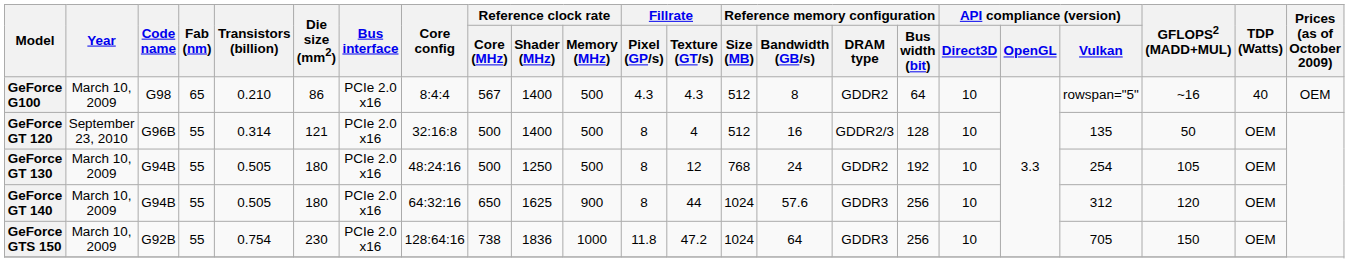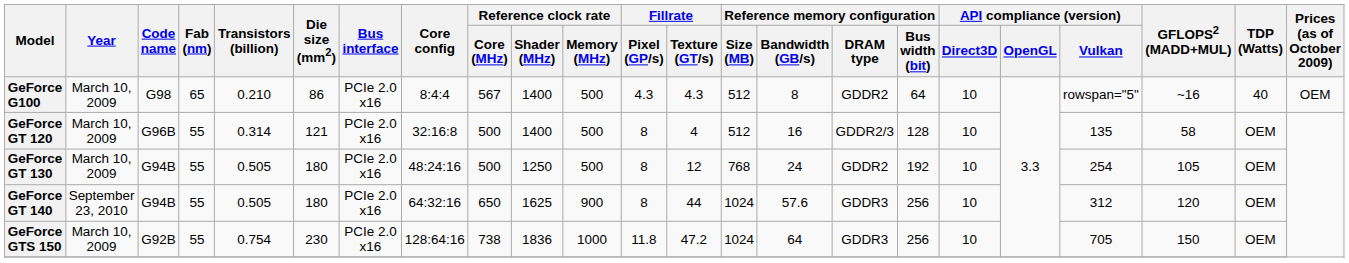 <table class="wikitable" style="font-size: 85%; text-align: center;">
 <tr>
 <th rowspan=2>Model</th>
 <th rowspan=2><a href='#'>Year</a></th>
 <th rowspan=2><a href='#'>Code name</a></th>
 <th rowspan=2>Fab (<a href='#'>nm</a>)</th>
 <th rowspan=2>Transistors (billion)</th>
 <th rowspan=2>Die size (mm<sup>2</sup>)</th>
 <th rowspan=2><a href='#'>Bus</a> <a href='#'>interface</a></th>
 <th rowspan=2>Core config</th>
 <th colspan=3>Reference clock rate</th>
 <th colspan=2><a href='#'>Fillrate</a></th>
 <th colspan=4>Reference memory configuration</th>
 <th colspan="3"><a href='#'>API</a> compliance (version)</th>
 <th rowspan=2>GFLOPS<sup>2</sup> (MADD+MUL)</th>
 <th rowspan=2>TDP (Watts)</th>
 <th rowspan=2>Prices (as of October 2009)</th>
 </tr>
 <tr>
 <th>Core (<a href='#'>MHz</a>)</th>
 <th>Shader (<a href='#'>MHz</a>)</th>
 <th>Memory  (<a href='#'>MHz</a>)</th>
 <th>Pixel (<a href='#'>GP</a>/s)</th>
 <th>Texture (<a href='#'>GT</a>/s)</th>
 <th>Size (<a href='#'>MB</a>)</th>
 <th>Bandwidth (<a href='#'>GB</a>/s)</th>
 <th>DRAM type</th>
 <th>Bus width (<a href='#'>bit</a>)</th>
 <th><a href='#'>Direct3D</a></th>
 <th><a href='#'>OpenGL</a></th>
 <th><a href='#'>Vulkan</a></th>
 </tr>
 <tr>
 <th style="text-align:left;">GeForce G100</th>
 <td>March 10, 2009</td>
 <td>G98</td>
 <td>65</td>
 <td>0.210</td>
 <td>86</td>
 <td>PCIe 2.0 x16</td>
 <td>8:4:4</td>
 <td>567</td>
 <td>1400</td>
 <td>500</td>
 <td>4.3</td>
 <td>4.3</td>
 <td>512</td>
 <td>8</td>
 <td>GDDR2</td>
 <td>64</td>
 <td>10</td>
 <td rowspan="5">3.3</td>
 <td>rowspan="5" </td>
 <td>~16</td>
 <td>40</td>
 <td>OEM</td>
 </tr>
 <tr>
 <th style="text-align:left;">GeForce GT 120</th>
-<td>September 23, 2010</td>
+<td>March 10, 2009</td>
 <td>G96B</td>
 <td>55</td>
 <td>0.314</td>
 <td>121</td>
 <td>PCIe 2.0 x16</td>
 <td>32:16:8</td>
 <td>500</td>
 <td>1400</td>
 <td>500</td>
 <td>8</td>
 <td>4</td>
 <td>512</td>
 <td>16</td>
 <td>GDDR2/3</td>
 <td>128</td>
 <td>10</td>
 <td>135</td>
-<td>50</td>
+<td>58</td>
 <td>OEM</td>
 </tr>
 <tr>
 <th style="text-align:left;">GeForce GT 130</th>
 <td>March 10, 2009</td>
 <td>G94B</td>
 <td>55</td>
 <td>0.505</td>
 <td>180</td>
 <td>PCIe 2.0 x16</td>
 <td>48:24:16</td>
 <td>500</td>
 <td>1250</td>
 <td>500</td>
 <td>8</td>
 <td>12</td>
 <td>768</td>
 <td>24</td>
 <td>GDDR2</td>
 <td>192</td>
 <td>10</td>
 <td>254</td>
 <td>105</td>
 <td>OEM</td>
 </tr>
 <tr>
 <th style="text-align:left;">GeForce GT 140</th>
-<td>March 10, 2009</td>
+<td>September 23, 2010</td>
 <td>G94B</td>
 <td>55</td>
 <td>0.505</td>
 <td>180</td>
 <td>PCIe 2.0 x16</td>
 <td>64:32:16</td>
 <td>650</td>
 <td>1625</td>
 <td>900</td>
 <td>8</td>
 <td>44</td>
 <td>1024</td>
 <td>57.6</td>
 <td>GDDR3</td>
 <td>256</td>
 <td>10</td>
 <td>312</td>
 <td>120</td>
 <td>OEM</td>
 </tr>
 <tr>
 <th style="text-align:left;">GeForce GTS 150</th>
 <td>March 10, 2009</td>
 <td>G92B</td>
 <td>55</td>
 <td>0.754</td>
 <td>230</td>
 <td>PCIe 2.0 x16</td>
 <td>128:64:16</td>
 <td>738</td>
 <td>1836</td>
 <td>1000</td>
 <td>11.8</td>
 <td>47.2</td>
 <td>1024</td>
 <td>64</td>
 <td>GDDR3</td>
 <td>256</td>
 <td>10</td>
 <td>705</td>
 <td>150</td>
 <td>OEM</td>
 </tr>
 <tr>
 </tr>
 </table>
